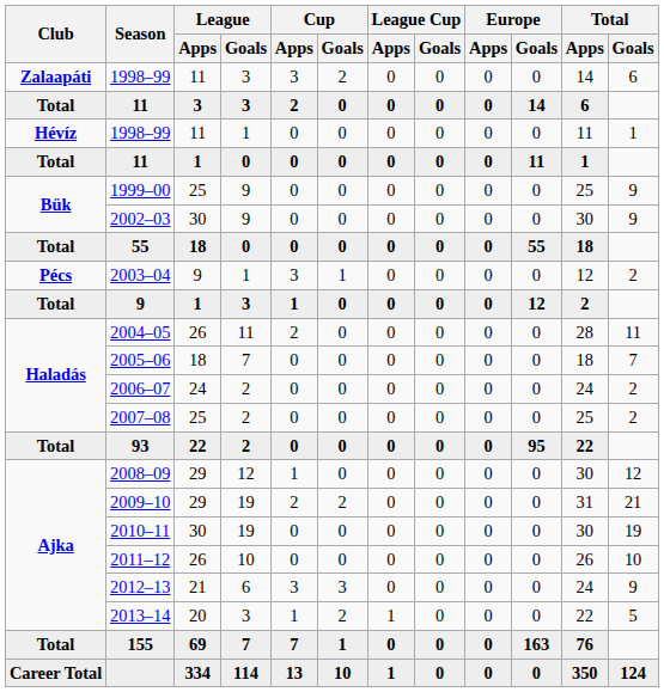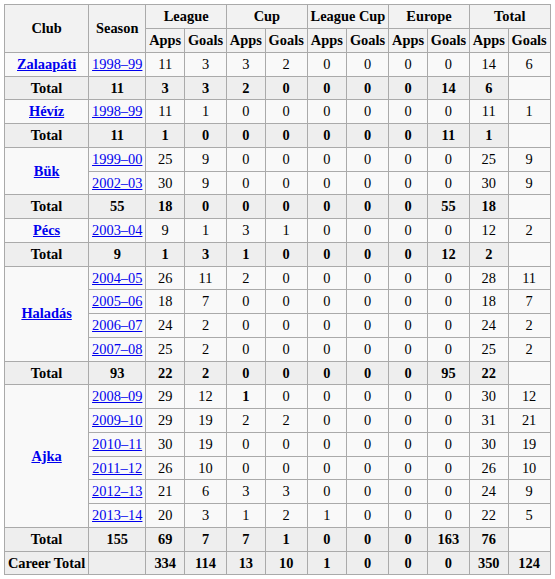 <table class="wikitable" style="font-size:90%; text-align: center;">
 <tr>
 <th rowspan="2">Club</th>
 <th rowspan="2">Season</th>
 <th colspan="2">League</th>
 <th colspan="2">Cup</th>
 <th colspan="2">League Cup</th>
 <th colspan="2">Europe</th>
 <th colspan="2">Total</th>
 </tr>
 <tr>
 <th>Apps</th>
 <th>Goals</th>
 <th>Apps</th>
 <th>Goals</th>
 <th>Apps</th>
 <th>Goals</th>
 <th>Apps</th>
 <th>Goals</th>
 <th>Apps</th>
 <th>Goals</th>
 </tr>
 <tr ||-||-||-|->
 <td rowspan="3" valign="center"><strong><a href='#'>Zalaapáti</a></strong></td>
 </tr>
 <tr>
 <td><a href='#'>1998–99</a></td>
 <td>11</td>
 <td>3</td>
 <td>3</td>
 <td>2</td>
 <td>0</td>
 <td>0</td>
 <td>0</td>
 <td>0</td>
 <td>14</td>
 <td>6</td>
 </tr>
 <tr>
 </tr>
 <tr style="font-weight:bold; background-color:#eeeeee;">
 <td>Total</td>
 <td>11</td>
 <td>3</td>
 <td>3</td>
 <td>2</td>
 <td>0</td>
 <td>0</td>
 <td>0</td>
 <td>0</td>
 <td>14</td>
 <td>6</td>
 </tr>
 <tr>
 <td rowspan="3" valign="center"><strong><a href='#'>Hévíz</a></strong></td>
 </tr>
 <tr>
 <td><a href='#'>1998–99</a></td>
 <td>11</td>
 <td>1</td>
 <td>0</td>
 <td>0</td>
 <td>0</td>
 <td>0</td>
 <td>0</td>
 <td>0</td>
 <td>11</td>
 <td>1</td>
 </tr>
 <tr>
 </tr>
 <tr style="font-weight:bold; background-color:#eeeeee;">
 <td>Total</td>
 <td>11</td>
 <td>1</td>
 <td>0</td>
 <td>0</td>
 <td>0</td>
 <td>0</td>
 <td>0</td>
 <td>0</td>
 <td>11</td>
 <td>1</td>
 </tr>
 <tr>
 <td rowspan="4" valign="center"><strong><a href='#'>Bük</a></strong></td>
 </tr>
 <tr>
 <td><a href='#'>1999–00</a></td>
 <td>25</td>
 <td>9</td>
 <td>0</td>
 <td>0</td>
 <td>0</td>
 <td>0</td>
 <td>0</td>
 <td>0</td>
 <td>25</td>
 <td>9</td>
 </tr>
 <tr>
 <td><a href='#'>2002–03</a></td>
 <td>30</td>
 <td>9</td>
 <td>0</td>
 <td>0</td>
 <td>0</td>
 <td>0</td>
 <td>0</td>
 <td>0</td>
 <td>30</td>
 <td>9</td>
 </tr>
 <tr>
 </tr>
 <tr style="font-weight:bold; background-color:#eeeeee;">
 <td>Total</td>
 <td>55</td>
 <td>18</td>
 <td>0</td>
 <td>0</td>
 <td>0</td>
 <td>0</td>
 <td>0</td>
 <td>0</td>
 <td>55</td>
 <td>18</td>
 </tr>
 <tr>
 <td rowspan="3" valign="center"><strong><a href='#'>Pécs</a></strong></td>
 </tr>
 <tr>
 <td><a href='#'>2003–04</a></td>
 <td>9</td>
 <td>1</td>
 <td>3</td>
 <td>1</td>
 <td>0</td>
 <td>0</td>
 <td>0</td>
 <td>0</td>
 <td>12</td>
 <td>2</td>
 </tr>
 <tr>
 </tr>
 <tr style="font-weight:bold; background-color:#eeeeee;">
 <td>Total</td>
 <td>9</td>
 <td>1</td>
 <td>3</td>
 <td>1</td>
 <td>0</td>
 <td>0</td>
 <td>0</td>
 <td>0</td>
 <td>12</td>
 <td>2</td>
 </tr>
 <tr>
 <td rowspan="6" valign="center"><strong><a href='#'>Haladás</a></strong></td>
 </tr>
 <tr>
 <td><a href='#'>2004–05</a></td>
 <td>26</td>
 <td>11</td>
 <td>2</td>
 <td>0</td>
 <td>0</td>
 <td>0</td>
 <td>0</td>
 <td>0</td>
 <td>28</td>
 <td>11</td>
 </tr>
 <tr>
 <td><a href='#'>2005–06</a></td>
 <td>18</td>
 <td>7</td>
 <td>0</td>
 <td>0</td>
 <td>0</td>
 <td>0</td>
 <td>0</td>
 <td>0</td>
 <td>18</td>
 <td>7</td>
 </tr>
 <tr>
 <td><a href='#'>2006–07</a></td>
 <td>24</td>
 <td>2</td>
 <td>0</td>
 <td>0</td>
 <td>0</td>
 <td>0</td>
 <td>0</td>
 <td>0</td>
 <td>24</td>
 <td>2</td>
 </tr>
 <tr>
 <td><a href='#'>2007–08</a></td>
 <td>25</td>
 <td>2</td>
 <td>0</td>
 <td>0</td>
 <td>0</td>
 <td>0</td>
 <td>0</td>
 <td>0</td>
 <td>25</td>
 <td>2</td>
 </tr>
 <tr>
 </tr>
 <tr style="font-weight:bold; background-color:#eeeeee;">
 <td>Total</td>
 <td>93</td>
 <td>22</td>
 <td>2</td>
 <td>0</td>
 <td>0</td>
 <td>0</td>
 <td>0</td>
 <td>0</td>
 <td>95</td>
 <td>22</td>
 </tr>
 <tr>
 <td rowspan="8" valign="center"><strong><a href='#'>Ajka</a></strong></td>
 </tr>
 <tr>
 <td><a href='#'>2008–09</a></td>
 <td>29</td>
 <td>12</td>
-<td>1</td>
+<td><strong>1</strong></td>
 <td>0</td>
 <td>0</td>
 <td>0</td>
 <td>0</td>
 <td>0</td>
 <td>30</td>
 <td>12</td>
 </tr>
 <tr>
 <td><a href='#'>2009–10</a></td>
 <td>29</td>
 <td>19</td>
 <td>2</td>
 <td>2</td>
 <td>0</td>
 <td>0</td>
 <td>0</td>
 <td>0</td>
 <td>31</td>
 <td>21</td>
 </tr>
 <tr>
 <td><a href='#'>2010–11</a></td>
 <td>30</td>
 <td>19</td>
 <td>0</td>
 <td>0</td>
 <td>0</td>
 <td>0</td>
 <td>0</td>
 <td>0</td>
 <td>30</td>
 <td>19</td>
 </tr>
 <tr>
 <td><a href='#'>2011–12</a></td>
 <td>26</td>
 <td>10</td>
 <td>0</td>
 <td>0</td>
 <td>0</td>
 <td>0</td>
 <td>0</td>
 <td>0</td>
 <td>26</td>
 <td>10</td>
 </tr>
 <tr>
 <td><a href='#'>2012–13</a></td>
 <td>21</td>
 <td>6</td>
 <td>3</td>
 <td>3</td>
 <td>0</td>
 <td>0</td>
 <td>0</td>
 <td>0</td>
 <td>24</td>
 <td>9</td>
 </tr>
 <tr>
 <td><a href='#'>2013–14</a></td>
 <td>20</td>
 <td>3</td>
 <td>1</td>
 <td>2</td>
 <td>1</td>
 <td>0</td>
 <td>0</td>
 <td>0</td>
 <td>22</td>
 <td>5</td>
 </tr>
 <tr>
 </tr>
 <tr style="font-weight:bold; background-color:#eeeeee;">
 <td>Total</td>
 <td>155</td>
 <td>69</td>
 <td>7</td>
 <td>7</td>
 <td>1</td>
 <td>0</td>
 <td>0</td>
 <td>0</td>
 <td>163</td>
 <td>76</td>
 </tr>
 <tr>
 </tr>
 <tr style="font-weight:bold; background-color:#eeeeee;">
 <td rowspan="2" valign="top"><strong>Career Total</strong></td>
 <td></td>
 <td><strong>334</strong></td>
 <td><strong>114</strong></td>
 <td><strong>13</strong></td>
 <td><strong>10</strong></td>
 <td><strong>1</strong></td>
 <td><strong>0</strong></td>
 <td><strong>0</strong></td>
 <td><strong>0</strong></td>
 <td><strong>350</strong></td>
 <td><strong>124</strong></td>
 </tr>
 </table>
